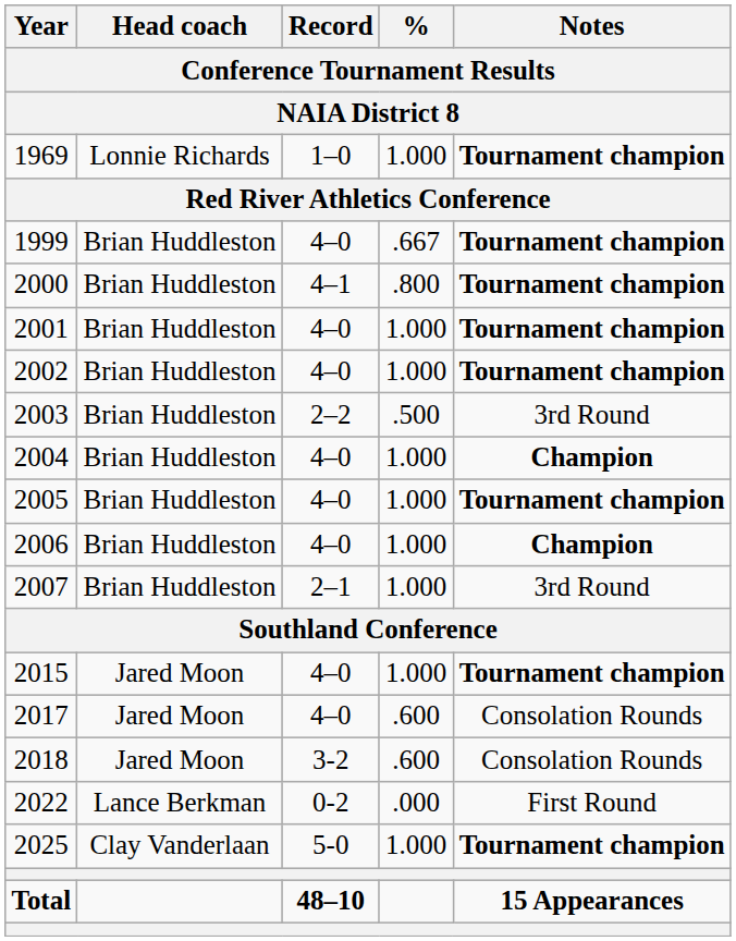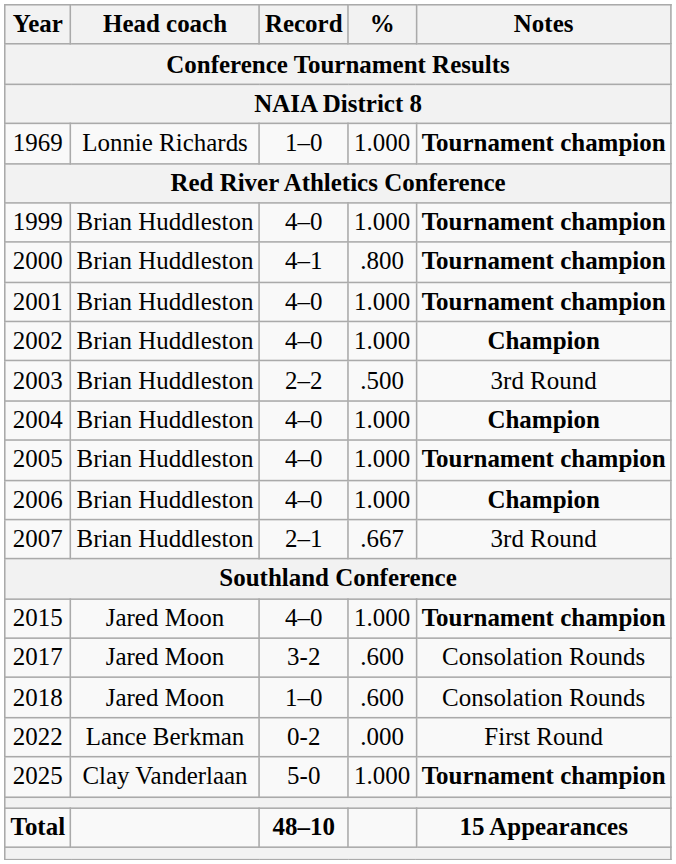 <table class="wikitable">
 <tr>
 <th>Year</th>
 <th>Head coach</th>
 <th>Record</th>
 <th>%</th>
 <th>Notes</th>
 </tr>
 <tr>
 <th colspan=5>Conference Tournament Results</th>
 </tr>
 <tr>
 <th colspan=5>NAIA District 8</th>
 </tr>
 <tr style="text-align:center;">
 <td>1969</td>
 <td>Lonnie Richards</td>
 <td>1–0</td>
 <td>1.000</td>
 <td><strong>Tournament champion</strong></td>
 </tr>
 <tr style="text-align:center;">
 <th colspan=5>Red River Athletics Conference</th>
 </tr>
 <tr style="text-align:center;">
 <td>1999</td>
 <td>Brian Huddleston</td>
 <td>4–0</td>
-<td>.667</td>
+<td>1.000</td>
 <td><strong>Tournament champion</strong></td>
 </tr>
 <tr style="text-align:center;">
 <td>2000</td>
 <td>Brian Huddleston</td>
 <td>4–1</td>
 <td>.800</td>
 <td><strong>Tournament champion</strong></td>
 </tr>
 <tr style="text-align:center;">
 <td>2001</td>
 <td>Brian Huddleston</td>
 <td>4–0</td>
 <td>1.000</td>
 <td><strong>Tournament champion</strong></td>
 </tr>
 <tr style="text-align:center;">
 <td>2002</td>
 <td>Brian Huddleston</td>
 <td>4–0</td>
 <td>1.000</td>
-<td><strong>Tournament champion</strong></td>
+<td><strong>Champion</strong></td>
 </tr>
 <tr style="text-align:center;">
 <td>2003</td>
 <td>Brian Huddleston</td>
 <td>2–2</td>
 <td>.500</td>
 <td>3rd Round</td>
 </tr>
 <tr style="text-align:center;">
 <td>2004</td>
 <td>Brian Huddleston</td>
 <td>4–0</td>
 <td>1.000</td>
 <td><strong>Champion</strong></td>
 </tr>
 <tr style="text-align:center;">
 <td>2005</td>
 <td>Brian Huddleston</td>
 <td>4–0</td>
 <td>1.000</td>
 <td><strong>Tournament champion</strong></td>
 </tr>
 <tr style="text-align:center;">
 <td>2006</td>
 <td>Brian Huddleston</td>
 <td>4–0</td>
 <td>1.000</td>
 <td><strong>Champion</strong></td>
 </tr>
 <tr style="text-align:center;">
 <td>2007</td>
 <td>Brian Huddleston</td>
 <td>2–1</td>
-<td>1.000</td>
+<td>.667</td>
 <td>3rd Round</td>
 </tr>
 <tr>
 <th colspan=5>Southland Conference</th>
 </tr>
 <tr style="text-align:center;">
 <td>2015</td>
 <td>Jared Moon</td>
 <td>4–0</td>
 <td>1.000</td>
 <td><strong>Tournament champion</strong></td>
 </tr>
 <tr style="text-align:center;">
 <td>2017</td>
 <td>Jared Moon</td>
-<td>4–0</td>
+<td>3-2</td>
 <td>.600</td>
 <td>Consolation Rounds</td>
 </tr>
 <tr style="text-align:center;">
 <td>2018</td>
 <td>Jared Moon</td>
-<td>3-2</td>
+<td>1–0</td>
 <td>.600</td>
 <td>Consolation Rounds</td>
 </tr>
 <tr style="text-align:center;">
 <td>2022</td>
 <td>Lance Berkman</td>
 <td>0-2</td>
 <td>.000</td>
 <td>First Round</td>
 </tr>
 <tr style="text-align: center;">
 <td>2025</td>
 <td>Clay Vanderlaan</td>
 <td>5-0</td>
 <td>1.000</td>
 <td><strong>Tournament champion</strong></td>
 </tr>
 <tr>
 <th colspan=5></th>
 </tr>
 <tr style="text-align:center;">
 <td><strong>Total</strong></td>
 <td></td>
 <td><strong>48–10</strong></td>
 <td><strong></strong></td>
 <td><strong>15 Appearances</strong></td>
 </tr>
 <tr>
 <th colspan=5></th>
 </tr>
 </table>
